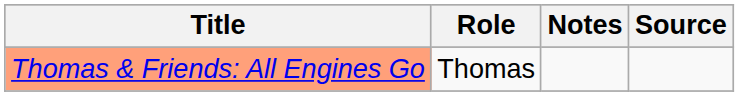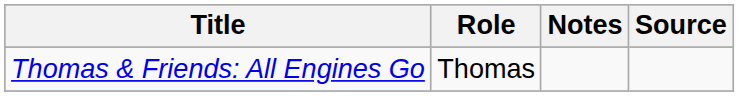 <table class="wikitable">
 <tr>
 <th>Title</th>
 <th>Role</th>
 <th>Notes</th>
 <th>Source</th>
 </tr>
 <tr>
-<td style="background: lightsalmon;"><em><a href='#'>Thomas & Friends: All Engines Go</a></em></td>
+<td><em><a href='#'>Thomas & Friends: All Engines Go</a></em></td>
 <td>Thomas</td>
 <td></td>
 <td></td>
 </tr>
 </table>
